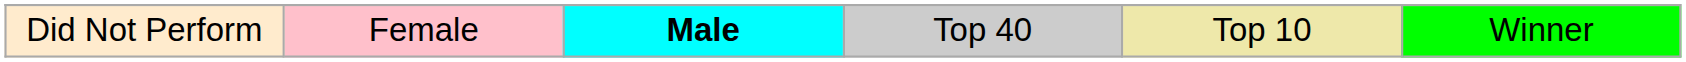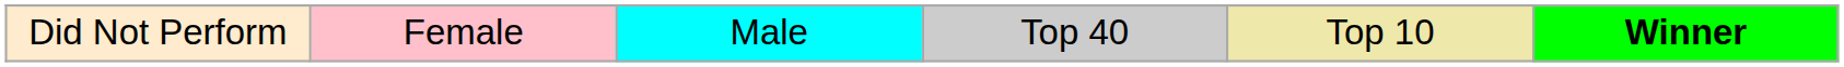 <table class="wikitable" style="margin:1em auto; text-align:center;">
 <tr>
 </tr>
 <tr>
 <td style="background:#FFEBCD;" width="15%">Did Not Perform</td>
 <td style="background:pink;" width="15%">Female</td>
-<td style="background:cyan;" width="15%"><strong>Male</strong></td>
+<td style="background:cyan;" width="15%">Male</td>
 <td style="background:#CCCCCC;" width="15%">Top 40</td>
 <td style="background:palegoldenrod;" width="15%">Top 10</td>
-<td style="background:lime;" width="15%">Winner</td>
+<td style="background:lime;" width="15%"><strong>Winner</strong></td>
 </tr>
 </table>
